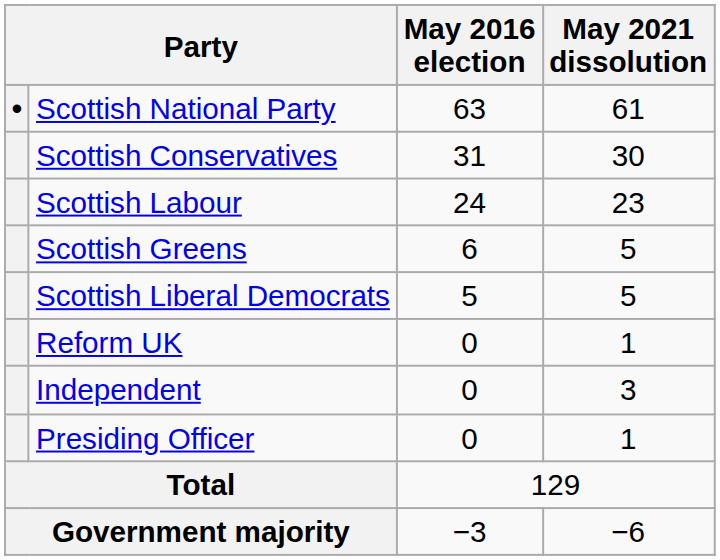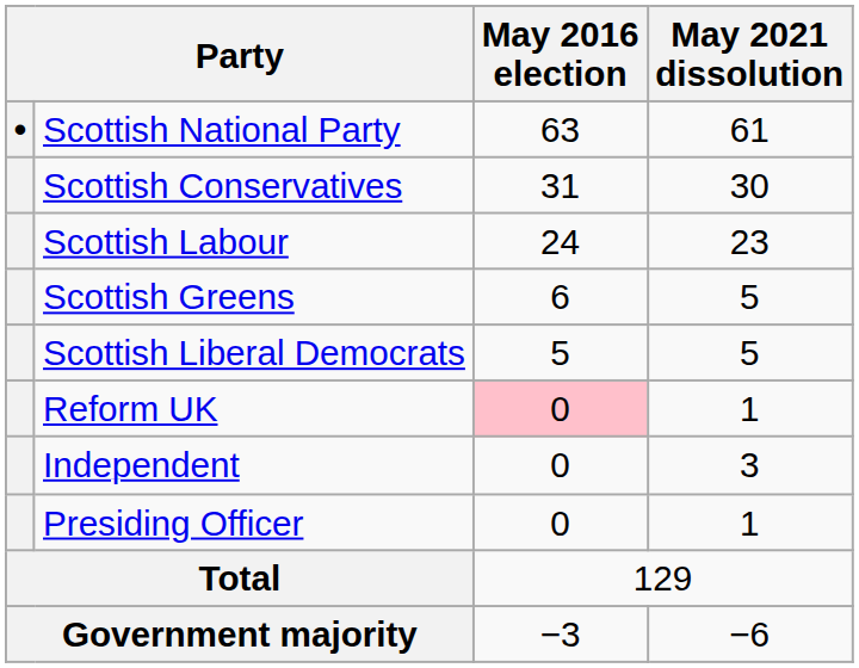 <table class="wikitable sortable" style="font-size:95%;">
 <tr>
 <th colspan=2>Party</th>
 <th>May 2016 <br> election</th>
 <th>May 2021<br> dissolution</th>
 </tr>
 <tr>
 <th style="background-color: "><span>•</span></th>
 <td><a href='#'>Scottish National Party</a></td>
 <td align="center">63</td>
 <td align="center">61</td>
 </tr>
 <tr>
 <th style="background-color: "></th>
 <td><a href='#'>Scottish Conservatives</a></td>
 <td align="center">31</td>
 <td align="center">30</td>
 </tr>
 <tr>
 <th style="background-color: "></th>
 <td><a href='#'>Scottish Labour</a></td>
 <td align="center">24</td>
 <td align="center">23</td>
 </tr>
 <tr>
 <th style="background-color: "></th>
 <td><a href='#'>Scottish Greens</a></td>
 <td align="center">6</td>
 <td align="center">5</td>
 </tr>
 <tr>
 <th style="background-color: "></th>
 <td><a href='#'>Scottish Liberal Democrats</a></td>
 <td align="center">5</td>
 <td align="center">5</td>
 </tr>
 <tr>
 <th style="background-color: "></th>
 <td><a href='#'>Reform UK</a></td>
-<td align="center">0</td>
+<td align="center" style="background: pink;">0</td>
 <td align="center">1</td>
 </tr>
 <tr>
 <th style="background-color: "></th>
 <td><a href='#'>Independent</a></td>
 <td align="center">0</td>
 <td align="center">3</td>
 </tr>
 <tr>
 <th style="background-color: "></th>
 <td><a href='#'>Presiding Officer</a></td>
 <td align="center">0</td>
 <td align="center">1</td>
 </tr>
 <tr>
 <th colspan="2">Total</th>
 <td colspan="2" align="center">129</td>
 </tr>
 <tr>
 <th colspan="2">Government majority</th>
 <td style="text-align:center;">−3</td>
 <td style="text-align:center;">−6</td>
 </tr>
 </table>
